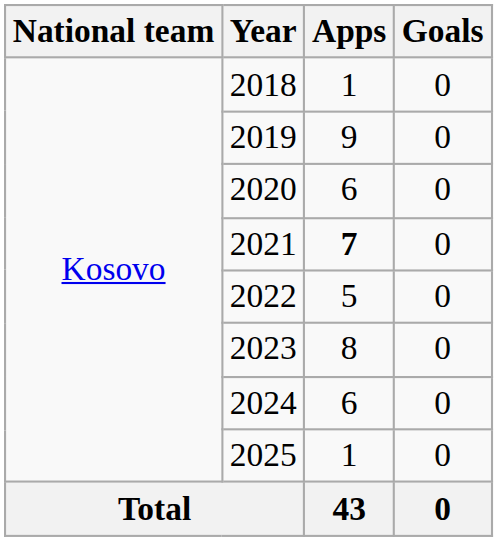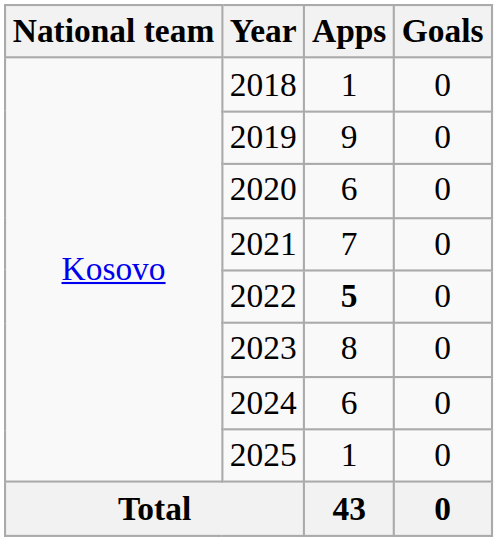 <table class=wikitable style="text-align:center">
 <tr>
 <th>National team</th>
 <th>Year</th>
 <th>Apps</th>
 <th>Goals</th>
 </tr>
 <tr>
 <td rowspan="8"><a href='#'>Kosovo</a></td>
 <td>2018</td>
 <td>1</td>
 <td>0</td>
 </tr>
 <tr>
 <td>2019</td>
 <td>9</td>
 <td>0</td>
 </tr>
 <tr>
 <td>2020</td>
 <td>6</td>
 <td>0</td>
 </tr>
 <tr>
 <td>2021</td>
-<td><strong>7</strong></td>
+<td>7</td>
 <td>0</td>
 </tr>
 <tr>
 <td>2022</td>
-<td>5</td>
+<td><strong>5</strong></td>
 <td>0</td>
 </tr>
 <tr>
 <td>2023</td>
 <td>8</td>
 <td>0</td>
 </tr>
 <tr>
 <td>2024</td>
 <td>6</td>
 <td>0</td>
 </tr>
 <tr>
 <td>2025</td>
 <td>1</td>
 <td>0</td>
 </tr>
 <tr>
 <th colspan="2">Total</th>
 <th>43</th>
 <th>0</th>
 </tr>
 </table>
